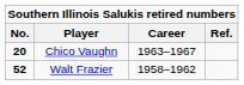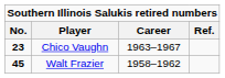 <table class="wikitable sortable" style="text-align:center">
 <tr>
 <td colspan=4><strong>Southern Illinois Salukis retired numbers</strong></td>
 </tr>
 <tr>
 <th style= >No.</th>
 <th style= >Player</th>
 <th style= >Career</th>
 <th style= >Ref.</th>
 </tr>
 <tr>
-<td><strong>20</strong></td>
+<td><strong>23</strong></td>
 <td><a href='#'>Chico Vaughn</a></td>
 <td>1963–1967</td>
 <td></td>
 </tr>
 <tr>
-<td><strong>52</strong></td>
+<td><strong>45</strong></td>
 <td><a href='#'>Walt Frazier</a></td>
 <td>1958–1962</td>
 <td></td>
 </tr>
 </table>
